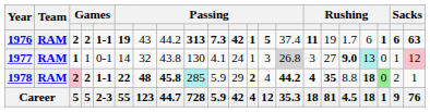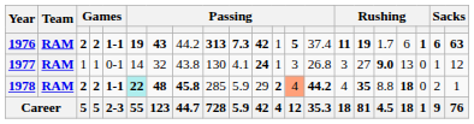 <table class="wikitable" style="text-align:center;">
 <tr>
 <th rowspan="2">Year</th>
 <th rowspan="2">Team</th>
 <th colspan="3">Games</th>
 <th colspan="9">Passing</th>
 <th colspan="5">Rushing</th>
 <th colspan="2">Sacks</th>
 </tr>
 <tr>
 <th></th>
 <th></th>
 <th></th>
 <th></th>
 <th></th>
 <th></th>
 <th></th>
 <th></th>
 <th></th>
 <th></th>
 <th></th>
 <th></th>
 <th></th>
 <th></th>
 <th></th>
 <th></th>
 <th></th>
 <th></th>
 <th></th>
 </tr>
 <tr>
 <th><a href='#'>1976</a></th>
 <th><a href='#'>RAM</a></th>
 <td><strong>2</strong></td>
 <td><strong>2</strong></td>
 <td><strong>1-1</strong></td>
 <td><strong>19</strong></td>
-<td>43</td>
+<td><strong>43</strong></td>
 <td>44.2</td>
 <td><strong>313</strong></td>
 <td><strong>7.3</strong></td>
 <td><strong>42</strong></td>
-<td><strong>1</strong></td>
+<td>1</td>
 <td><strong>5</strong></td>
 <td>37.4</td>
 <td><strong>11</strong></td>
-<td>19</td>
+<td><strong>19</strong></td>
 <td>1.7</td>
 <td>6</td>
 <td><strong>1</strong></td>
 <td><strong>6</strong></td>
 <td><strong>63</strong></td>
 </tr>
 <tr>
 <th><a href='#'>1977</a></th>
 <th><a href='#'>RAM</a></th>
-<td><strong>1</strong></td>
+<td>1</td>
 <td>1</td>
 <td>0-1</td>
 <td>14</td>
 <td>32</td>
 <td>43.8</td>
 <td>130</td>
 <td>4.1</td>
-<td>24</td>
+<td><strong>24</strong></td>
 <td>1</td>
 <td>3</td>
-<td style="background: lightgrey;">26.8</td>
+<td>26.8</td>
 <td>3</td>
 <td>27</td>
 <td><strong>9.0</strong></td>
-<td style="background: paleturquoise;">13</td>
+<td>13</td>
 <td>0</td>
 <td>1</td>
-<td style="background: pink;">12</td>
+<td>12</td>
 </tr>
 <tr>
 <th><a href='#'>1978</a></th>
 <th><a href='#'>RAM</a></th>
-<td style="background: pink;"><strong>2</strong></td>
+<td><strong>2</strong></td>
 <td><strong>2</strong></td>
 <td><strong>1-1</strong></td>
-<td><strong>22</strong></td>
+<td style="background: paleturquoise;"><strong>22</strong></td>
 <td><strong>48</strong></td>
 <td><strong>45.8</strong></td>
-<td style="background: paleturquoise;">285</td>
+<td>285</td>
 <td>5.9</td>
 <td>29</td>
-<td style="background: lightyellow;"><strong>2</strong></td>
+<td><strong>2</strong></td>
+<td style="background: lightsalmon;">4</td>
+<td><strong>44.2</strong></td>
 <td>4</td>
-<td><strong>44.2</strong></td>
-<td><strong>4</strong></td>
 <td><strong>35</strong></td>
 <td>8.8</td>
 <td><strong>18</strong></td>
-<td style="background: lightgreen;">0</td>
+<td>0</td>
 <td>2</td>
 <td>1</td>
 </tr>
 <tr>
 <th colspan="2">Career</th>
 <th>5</th>
 <th>5</th>
 <th>2-3</th>
 <th>55</th>
 <th>123</th>
 <th>44.7</th>
 <th>728</th>
 <th>5.9</th>
 <th>42</th>
 <th>4</th>
 <th>12</th>
 <th>35.3</th>
 <th>18</th>
 <th>81</th>
 <th>4.5</th>
 <th>18</th>
 <th>1</th>
 <th>9</th>
 <th>76</th>
 </tr>
 </table>
